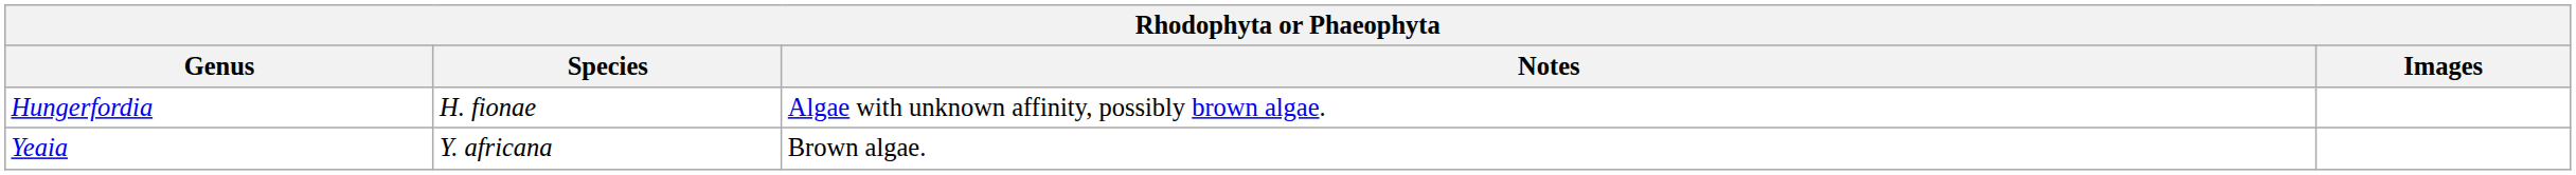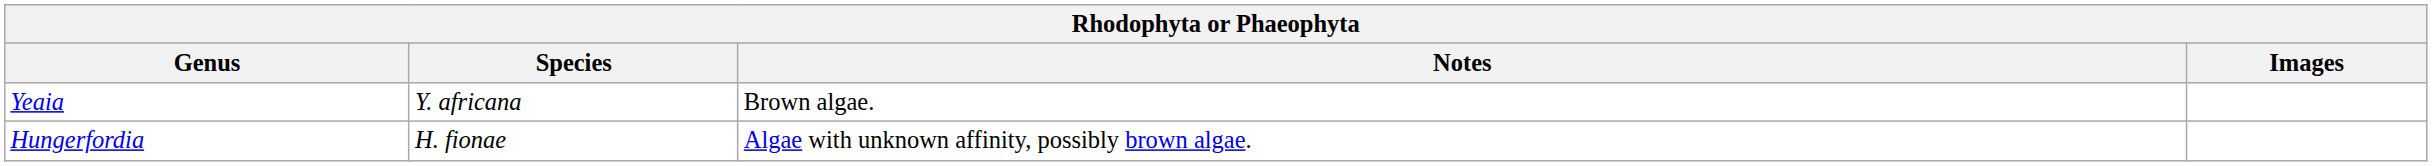 <table class="wikitable sortable" style="background:white; width:100%;">
 <tr>
 <th colspan="4" align="center">Rhodophyta or Phaeophyta</th>
 </tr>
 <tr>
 <th>Genus</th>
 <th>Species</th>
 <th>Notes</th>
 <th>Images</th>
 </tr>
 <tr>
+<td><em><a href='#'>Yeaia</a></em></td>
+<td><em>Y. africana</em></td>
+<td>Brown algae.</td>
+<td></td>
+</tr>
+<tr>
 <td><em><a href='#'>Hungerfordia</a></em></td>
 <td><em>H. fionae</em></td>
 <td><a href='#'>Algae</a> with unknown affinity, possibly <a href='#'>brown algae</a>.</td>
 <td></td>
 </tr>
-<tr>
-<td><em><a href='#'>Yeaia</a></em></td>
-<td><em>Y. africana</em></td>
-<td>Brown algae.</td>
-<td></td>
-</tr>
 </table>
